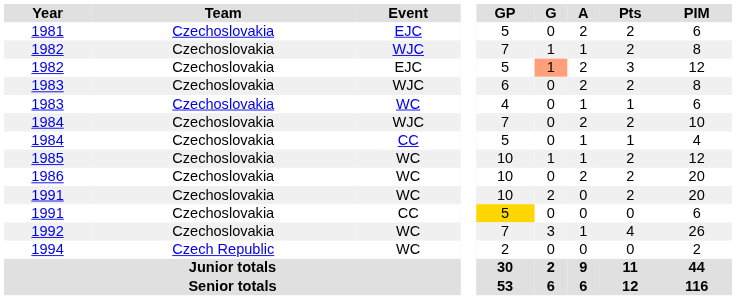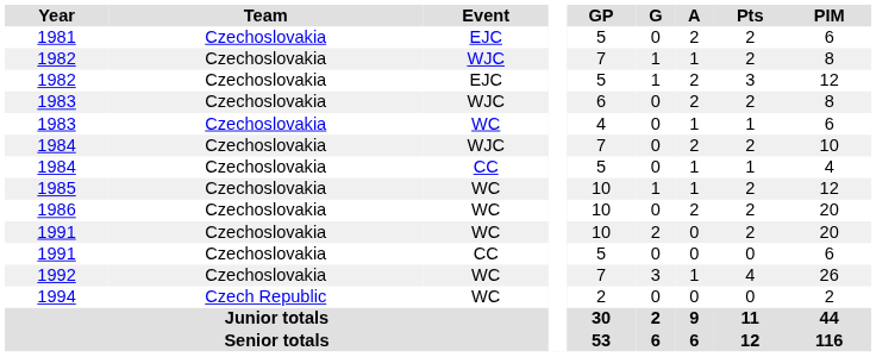 <table border="0" cellpadding="1" cellspacing="0" style="text-align:center; width:50em">
 <tr ALIGN="center" bgcolor="#e0e0e0">
 <th>Year</th>
 <th>Team</th>
 <th>Event</th>
 <th rowspan="99" bgcolor="#ffffff"> </th>
 <th>GP</th>
 <th>G</th>
 <th>A</th>
 <th>Pts</th>
 <th>PIM</th>
 </tr>
 <tr>
 <td><a href='#'>1981</a></td>
 <td><a href='#'>Czechoslovakia</a></td>
 <td><a href='#'>EJC</a></td>
 <td>5</td>
 <td>0</td>
 <td>2</td>
 <td>2</td>
 <td>6</td>
 </tr>
 <tr bgcolor="#f0f0f0">
 <td><a href='#'>1982</a></td>
 <td>Czechoslovakia</td>
 <td><a href='#'>WJC</a></td>
 <td>7</td>
 <td>1</td>
 <td>1</td>
 <td>2</td>
 <td>8</td>
 </tr>
 <tr>
 <td><a href='#'>1982</a></td>
 <td>Czechoslovakia</td>
 <td>EJC</td>
 <td>5</td>
-<td style="background: lightsalmon;">1</td>
+<td>1</td>
 <td>2</td>
 <td>3</td>
 <td>12</td>
 </tr>
 <tr bgcolor="#f0f0f0">
 <td><a href='#'>1983</a></td>
 <td>Czechoslovakia</td>
 <td>WJC</td>
 <td>6</td>
 <td>0</td>
 <td>2</td>
 <td>2</td>
 <td>8</td>
 </tr>
 <tr>
 <td><a href='#'>1983</a></td>
 <td><a href='#'>Czechoslovakia</a></td>
 <td><a href='#'>WC</a></td>
 <td>4</td>
 <td>0</td>
 <td>1</td>
 <td>1</td>
 <td>6</td>
 </tr>
 <tr bgcolor="#f0f0f0">
 <td><a href='#'>1984</a></td>
 <td>Czechoslovakia</td>
 <td>WJC</td>
 <td>7</td>
 <td>0</td>
 <td>2</td>
 <td>2</td>
 <td>10</td>
 </tr>
 <tr>
 <td><a href='#'>1984</a></td>
 <td>Czechoslovakia</td>
 <td><a href='#'>CC</a></td>
 <td>5</td>
 <td>0</td>
 <td>1</td>
 <td>1</td>
 <td>4</td>
 </tr>
 <tr bgcolor="#f0f0f0">
 <td><a href='#'>1985</a></td>
 <td>Czechoslovakia</td>
 <td>WC</td>
 <td>10</td>
 <td>1</td>
 <td>1</td>
 <td>2</td>
 <td>12</td>
 </tr>
 <tr>
 <td><a href='#'>1986</a></td>
 <td>Czechoslovakia</td>
 <td>WC</td>
 <td>10</td>
 <td>0</td>
 <td>2</td>
 <td>2</td>
 <td>20</td>
 </tr>
 <tr bgcolor="#f0f0f0">
 <td><a href='#'>1991</a></td>
 <td>Czechoslovakia</td>
 <td>WC</td>
 <td>10</td>
 <td>2</td>
 <td>0</td>
 <td>2</td>
 <td>20</td>
 </tr>
 <tr>
 <td><a href='#'>1991</a></td>
 <td>Czechoslovakia</td>
 <td>CC</td>
-<td style="background: gold;">5</td>
+<td>5</td>
 <td>0</td>
 <td>0</td>
 <td>0</td>
 <td>6</td>
 </tr>
 <tr bgcolor="#f0f0f0">
 <td><a href='#'>1992</a></td>
 <td>Czechoslovakia</td>
 <td>WC</td>
 <td>7</td>
 <td>3</td>
 <td>1</td>
 <td>4</td>
 <td>26</td>
 </tr>
 <tr>
 <td><a href='#'>1994</a></td>
 <td><a href='#'>Czech Republic</a></td>
 <td>WC</td>
 <td>2</td>
 <td>0</td>
 <td>0</td>
 <td>0</td>
 <td>2</td>
 </tr>
 <tr bgcolor="#e0e0e0">
 <th colspan=3>Junior totals</th>
 <th>30</th>
 <th>2</th>
 <th>9</th>
 <th>11</th>
 <th>44</th>
 </tr>
 <tr bgcolor="#e0e0e0">
 <th colspan=3>Senior totals</th>
 <th>53</th>
 <th>6</th>
 <th>6</th>
 <th>12</th>
 <th>116</th>
 </tr>
 </table>
